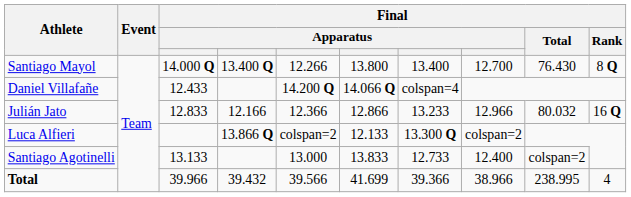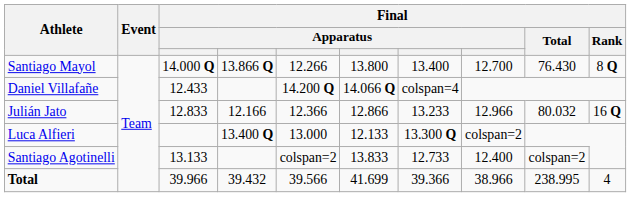 <table class="wikitable" style="font-size:90%">
 <tr>
 <th rowspan=3>Athlete</th>
 <th rowspan=3>Event</th>
 <th colspan =8>Final</th>
 </tr>
 <tr style="font-size:95%">
 <th colspan=6>Apparatus</th>
 <th rowspan=2>Total</th>
 <th rowspan=2>Rank</th>
 </tr>
 <tr style="font-size:95%">
 <th></th>
 <th></th>
 <th></th>
 <th></th>
 <th></th>
 <th></th>
 </tr>
 <tr align=center>
 <td align=left><a href='#'>Santiago Mayol</a></td>
 <td style="text-align:left;" rowspan="6"><a href='#'>Team</a></td>
 <td>14.000 <strong>Q</strong></td>
-<td>13.400 <strong>Q</strong></td>
+<td>13.866 <strong>Q</strong></td>
 <td>12.266</td>
 <td>13.800</td>
 <td>13.400</td>
 <td>12.700</td>
 <td>76.430</td>
 <td>8 <strong>Q</strong></td>
 </tr>
 <tr align=center>
 <td align=left><a href='#'>Daniel Villafañe</a></td>
 <td>12.433</td>
 <td><s></s></td>
 <td>14.200 <strong>Q</strong></td>
 <td>14.066 <strong>Q</strong></td>
 <td>colspan=4 </td>
 </tr>
 <tr align=center>
 <td align=left><a href='#'>Julián Jato</a></td>
 <td>12.833</td>
 <td>12.166</td>
 <td>12.366</td>
 <td>12.866</td>
 <td>13.233</td>
 <td>12.966</td>
 <td>80.032</td>
 <td>16 <strong>Q</strong></td>
 </tr>
 <tr align=center>
 <td align=left><a href='#'>Luca Alfieri</a></td>
 <td></td>
-<td>13.866 <strong>Q</strong></td>
-<td>colspan=2 </td>
+<td>13.400 <strong>Q</strong></td>
+<td>13.000</td>
 <td>12.133</td>
 <td>13.300 <strong>Q</strong></td>
 <td>colspan=2 </td>
 </tr>
 <tr align=center>
 <td align=left><a href='#'>Santiago Agotinelli</a></td>
 <td>13.133</td>
 <td></td>
-<td>13.000</td>
+<td>colspan=2 </td>
 <td>13.833</td>
 <td>12.733</td>
 <td>12.400</td>
 <td>colspan=2 </td>
 </tr>
 <tr align=center>
 <td align=left><strong>Total</strong></td>
 <td>39.966</td>
 <td>39.432</td>
 <td>39.566</td>
 <td>41.699</td>
 <td>39.366</td>
 <td>38.966</td>
 <td>238.995</td>
 <td>4</td>
 </tr>
 </table>
